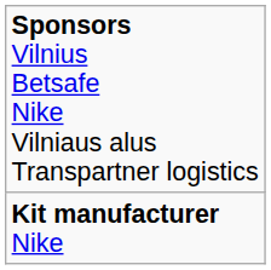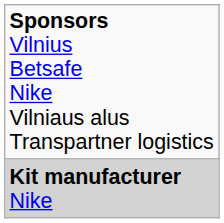 <table class="wikitable">
 <tr>
 <td><strong>Sponsors</strong><br> <a href='#'>Vilnius</a><br> <a href='#'>Betsafe</a><br> <a href='#'>Nike</a><br> Vilniaus alus<br> Transpartner logistics</td>
 </tr>
 <tr>
-<td><strong>Kit manufacturer</strong><br> <a href='#'>Nike</a></td>
+<td style="background: lightgrey;"><strong>Kit manufacturer</strong><br> <a href='#'>Nike</a></td>
 </tr>
 </table>
